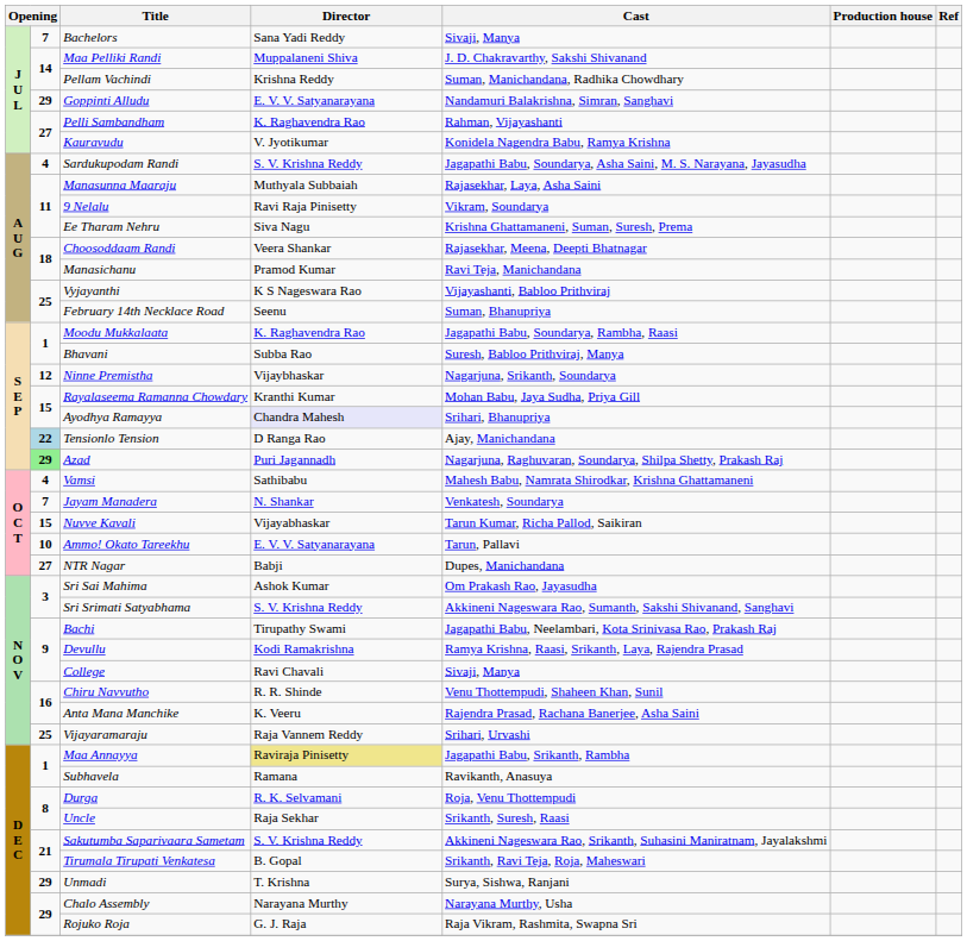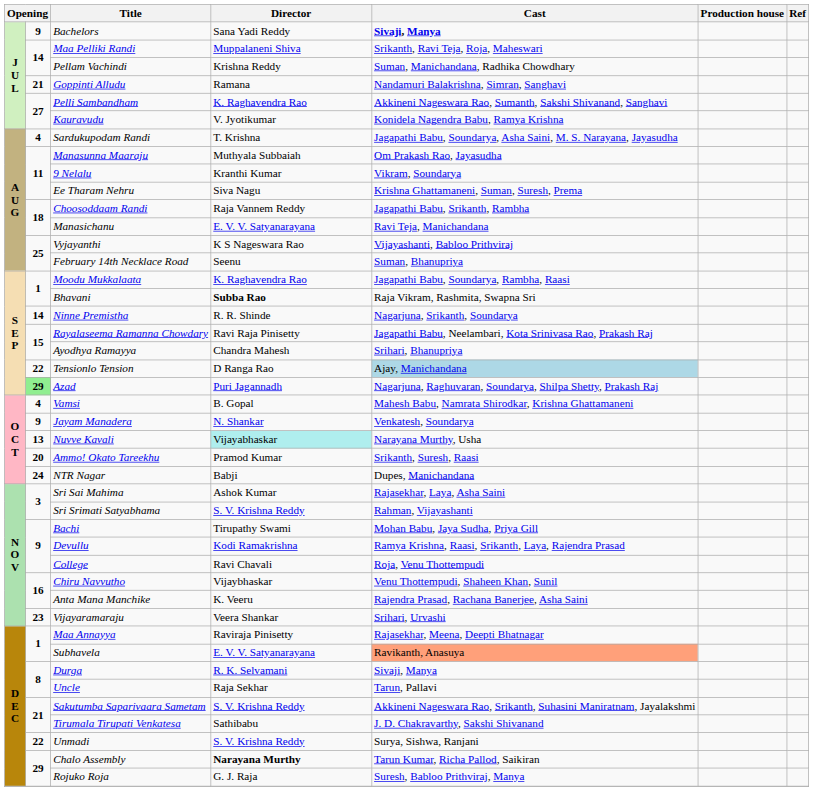 <table class="wikitable sortable">
 <tr style="background:#blue; text-align:center;">
 <th colspan="2">Opening</th>
 <th>Title</th>
 <th style="width:20%;"><strong>Director</strong></th>
 <th>Cast</th>
 <th>Production house</th>
 <th>Ref</th>
 </tr>
 <tr July!>
 <td rowspan="6" style="text-align:center; background:	#d0f0c0; textcolor:#000;"><strong>J<br>U<br>L</strong></td>
-<td rowspan="1" style="text-align:center;"><strong>7</strong></td>
+<td rowspan="1" style="text-align:center;"><strong>9</strong></td>
 <td><em>Bachelors</em></td>
 <td>Sana Yadi Reddy</td>
-<td><a href='#'>Sivaji</a>, <a href='#'>Manya</a></td>
+<td><strong><a href='#'>Sivaji</a>, <a href='#'>Manya</a></strong></td>
 <td></td>
 <td></td>
 </tr>
 <tr>
 <td rowspan="2" style="text-align:center;"><strong>14</strong></td>
 <td><em><a href='#'>Maa Pelliki Randi</a></em></td>
 <td><a href='#'>Muppalaneni Shiva</a></td>
-<td><a href='#'>J. D. Chakravarthy</a>, <a href='#'>Sakshi Shivanand</a></td>
+<td><a href='#'>Srikanth</a>, <a href='#'>Ravi Teja</a>, <a href='#'>Roja</a>, <a href='#'>Maheswari</a></td>
 <td></td>
 <td></td>
 </tr>
 <tr>
 <td><em>Pellam Vachindi</em></td>
 <td>Krishna Reddy</td>
 <td><a href='#'>Suman</a>, <a href='#'>Manichandana</a>, Radhika Chowdhary</td>
 <td></td>
 <td></td>
 </tr>
 <tr>
-<td rowspan="1" style="text-align:center;"><strong>29</strong></td>
+<td rowspan="1" style="text-align:center;"><strong>21</strong></td>
 <td><em><a href='#'>Goppinti Alludu</a></em></td>
-<td><a href='#'>E. V. V. Satyanarayana</a></td>
+<td>Ramana</td>
 <td><a href='#'>Nandamuri Balakrishna</a>, <a href='#'>Simran</a>, <a href='#'>Sanghavi</a></td>
 <td></td>
 <td></td>
 </tr>
 <tr>
 <td rowspan="2" style="text-align:center;"><strong>27</strong></td>
 <td><em><a href='#'>Pelli Sambandham</a></em></td>
 <td><a href='#'>K. Raghavendra Rao</a></td>
-<td><a href='#'>Rahman</a>, <a href='#'>Vijayashanti</a></td>
+<td><a href='#'>Akkineni Nageswara Rao</a>, <a href='#'>Sumanth</a>, <a href='#'>Sakshi Shivanand</a>, <a href='#'>Sanghavi</a></td>
 <td></td>
 <td></td>
 </tr>
 <tr>
 <td><em><a href='#'>Kauravudu</a></em></td>
 <td>V. Jyotikumar</td>
 <td><a href='#'>Konidela Nagendra Babu</a>, <a href='#'>Ramya Krishna</a></td>
 <td></td>
 <td></td>
 </tr>
 <tr August!>
 <td rowspan="8" style="text-align:center; background:#c2b280;"><strong>A<br>U<br>G</strong></td>
 <td style="text-align:center;"><strong>4</strong></td>
 <td><em>Sardukupodam Randi</em></td>
-<td><a href='#'>S. V. Krishna Reddy</a></td>
+<td>T. Krishna</td>
 <td><a href='#'>Jagapathi Babu</a>, <a href='#'>Soundarya</a>, <a href='#'>Asha Saini</a>, <a href='#'>M. S. Narayana</a>, <a href='#'>Jayasudha</a></td>
 <td></td>
 <td></td>
 </tr>
 <tr>
 <td rowspan="3" style="text-align:center;"><strong>11</strong></td>
 <td><em><a href='#'>Manasunna Maaraju</a></em></td>
 <td>Muthyala Subbaiah</td>
-<td><a href='#'>Rajasekhar</a>, <a href='#'>Laya</a>, <a href='#'>Asha Saini</a></td>
+<td><a href='#'>Om Prakash Rao</a>, <a href='#'>Jayasudha</a></td>
 <td></td>
 <td></td>
 </tr>
 <tr>
 <td><em><a href='#'>9 Nelalu</a></em></td>
-<td>Ravi Raja Pinisetty</td>
+<td>Kranthi Kumar</td>
 <td><a href='#'>Vikram</a>, <a href='#'>Soundarya</a></td>
 <td></td>
 <td></td>
 </tr>
 <tr>
 <td><em>Ee Tharam Nehru</em></td>
 <td>Siva Nagu</td>
 <td><a href='#'>Krishna Ghattamaneni</a>,  <a href='#'>Suman</a>, <a href='#'>Suresh</a>, <a href='#'>Prema</a></td>
 <td></td>
 <td></td>
 </tr>
 <tr>
 <td rowspan="2" style="text-align:center;"><strong>18</strong></td>
 <td><em><a href='#'>Choosoddaam Randi</a></em></td>
-<td>Veera Shankar</td>
-<td><a href='#'>Rajasekhar</a>, <a href='#'>Meena</a>, <a href='#'>Deepti Bhatnagar</a></td>
+<td>Raja Vannem Reddy</td>
+<td><a href='#'>Jagapathi Babu</a>, <a href='#'>Srikanth</a>, <a href='#'>Rambha</a></td>
 <td></td>
 <td></td>
 </tr>
 <tr>
 <td><em>Manasichanu</em></td>
-<td>Pramod Kumar</td>
+<td><a href='#'>E. V. V. Satyanarayana</a></td>
 <td><a href='#'>Ravi Teja</a>, <a href='#'>Manichandana</a></td>
 <td></td>
 <td></td>
 </tr>
 <tr>
 <td rowspan="2" style="text-align:center;"><strong>25</strong></td>
 <td><em>Vyjayanthi</em></td>
 <td>K S Nageswara Rao</td>
 <td><a href='#'>Vijayashanti</a>, <a href='#'>Babloo Prithviraj</a></td>
 <td></td>
 <td></td>
 </tr>
 <tr>
 <td><em>February 14th Necklace Road</em></td>
 <td>Seenu</td>
 <td><a href='#'>Suman</a>, <a href='#'>Bhanupriya</a></td>
 <td></td>
 <td></td>
 </tr>
 <tr September!>
 <td rowspan="7" style="text-align:center; background:wheat; textcolor:#000;"><strong>S<br>E<br>P</strong></td>
 <td rowspan="2" style="text-align:center;"><strong>1</strong></td>
 <td><em><a href='#'>Moodu Mukkalaata</a></em></td>
 <td><a href='#'>K. Raghavendra Rao</a></td>
 <td><a href='#'>Jagapathi Babu</a>, <a href='#'>Soundarya</a>, <a href='#'>Rambha</a>, <a href='#'>Raasi</a></td>
 <td></td>
 <td></td>
 </tr>
 <tr>
 <td><em>Bhavani</em></td>
-<td>Subba Rao</td>
-<td><a href='#'>Suresh</a>, <a href='#'>Babloo Prithviraj</a>, <a href='#'>Manya</a></td>
+<td><strong>Subba Rao</strong></td>
+<td>Raja Vikram, Rashmita, Swapna Sri</td>
 <td></td>
 <td></td>
 </tr>
 <tr>
-<td rowspan="1" style="text-align:center;"><strong>12</strong></td>
+<td rowspan="1" style="text-align:center;"><strong>14</strong></td>
 <td><em><a href='#'>Ninne Premistha</a></em></td>
-<td>Vijaybhaskar</td>
+<td>R. R. Shinde</td>
 <td><a href='#'>Nagarjuna</a>, <a href='#'>Srikanth</a>, <a href='#'>Soundarya</a></td>
 <td></td>
 <td></td>
 </tr>
 <tr>
 <td rowspan="2" style="text-align:center;"><strong>15</strong></td>
 <td><em><a href='#'>Rayalaseema Ramanna Chowdary</a></em></td>
-<td>Kranthi Kumar</td>
-<td><a href='#'>Mohan Babu</a>, <a href='#'>Jaya Sudha</a>, <a href='#'>Priya Gill</a></td>
+<td>Ravi Raja Pinisetty</td>
+<td><a href='#'>Jagapathi Babu</a>, Neelambari, <a href='#'>Kota Srinivasa Rao</a>, <a href='#'>Prakash Raj</a></td>
 <td></td>
 <td></td>
 </tr>
 <tr>
 <td><em>Ayodhya Ramayya</em></td>
-<td style="background: lavender;">Chandra Mahesh</td>
+<td>Chandra Mahesh</td>
 <td><a href='#'>Srihari</a>, <a href='#'>Bhanupriya</a></td>
 <td></td>
 <td></td>
 </tr>
 <tr>
-<td rowspan="1" style="background: lightblue; text-align:center;"><strong>22</strong></td>
+<td rowspan="1" style="text-align:center;"><strong>22</strong></td>
 <td><em>Tensionlo Tension</em></td>
 <td>D Ranga Rao</td>
-<td>Ajay, <a href='#'>Manichandana</a></td>
+<td style="background: lightblue;">Ajay, <a href='#'>Manichandana</a></td>
 <td></td>
 <td></td>
 </tr>
 <tr>
 <td rowspan="1" style="background: lightgreen; text-align:center;"><strong>29</strong></td>
 <td><em><a href='#'>Azad</a></em></td>
 <td><a href='#'>Puri Jagannadh</a></td>
 <td><a href='#'>Nagarjuna</a>, <a href='#'>Raghuvaran</a>, <a href='#'>Soundarya</a>, <a href='#'>Shilpa Shetty</a>, <a href='#'>Prakash Raj</a></td>
 <td></td>
 <td></td>
 </tr>
 <tr October!>
 <td rowspan="5" style="text-align:center; background:#ffb7c5;"><strong>O<br>C<br>T</strong></td>
 <td rowspan="1" style="text-align:center;"><strong>4</strong></td>
 <td><em><a href='#'>Vamsi</a></em></td>
-<td>Sathibabu</td>
+<td>B. Gopal</td>
 <td><a href='#'>Mahesh Babu</a>, <a href='#'>Namrata Shirodkar</a>, <a href='#'>Krishna Ghattamaneni</a></td>
 <td></td>
 <td></td>
 </tr>
 <tr>
-<td style="text-align:center;"><strong>7</strong></td>
+<td style="text-align:center;"><strong>9</strong></td>
 <td><em><a href='#'>Jayam Manadera</a></em></td>
 <td><a href='#'>N. Shankar</a></td>
 <td><a href='#'>Venkatesh</a>, <a href='#'>Soundarya</a></td>
 <td></td>
 <td></td>
 </tr>
 <tr>
-<td rowspan="1" style="text-align:center;"><strong>15</strong></td>
+<td rowspan="1" style="text-align:center;"><strong>13</strong></td>
 <td><em><a href='#'>Nuvve Kavali</a></em></td>
-<td>Vijayabhaskar</td>
-<td><a href='#'>Tarun Kumar</a>, <a href='#'>Richa Pallod</a>, Saikiran</td>
+<td style="background: paleturquoise;">Vijayabhaskar</td>
+<td><a href='#'>Narayana Murthy</a>, Usha</td>
 <td></td>
 <td></td>
 </tr>
 <tr>
-<td style="text-align:center;"><strong>10</strong></td>
+<td style="text-align:center;"><strong>20</strong></td>
 <td><em><a href='#'>Ammo! Okato Tareekhu</a></em></td>
-<td><a href='#'>E. V. V. Satyanarayana</a></td>
-<td><a href='#'>Tarun</a>, Pallavi</td>
+<td>Pramod Kumar</td>
+<td><a href='#'>Srikanth</a>, <a href='#'>Suresh</a>, <a href='#'>Raasi</a></td>
 <td></td>
 <td></td>
 </tr>
 <tr>
-<td style="text-align:center;"><strong>27</strong></td>
+<td style="text-align:center;"><strong>24</strong></td>
 <td><em>NTR Nagar</em></td>
 <td>Babji</td>
 <td>Dupes, <a href='#'>Manichandana</a></td>
 <td></td>
 <td></td>
 </tr>
 <tr November!>
 <td rowspan="8" style="text-align:center; background:#ace1af;"><strong>N<br>O<br>V</strong></td>
 <td rowspan="2" style="text-align:center;"><strong>3</strong></td>
 <td><em>Sri Sai Mahima</em></td>
 <td>Ashok Kumar</td>
-<td><a href='#'>Om Prakash Rao</a>, <a href='#'>Jayasudha</a></td>
+<td><a href='#'>Rajasekhar</a>, <a href='#'>Laya</a>, <a href='#'>Asha Saini</a></td>
 <td></td>
 <td></td>
 </tr>
 <tr>
 <td><em>Sri Srimati Satyabhama</em></td>
 <td><a href='#'>S. V. Krishna Reddy</a></td>
-<td><a href='#'>Akkineni Nageswara Rao</a>, <a href='#'>Sumanth</a>, <a href='#'>Sakshi Shivanand</a>, <a href='#'>Sanghavi</a></td>
+<td><a href='#'>Rahman</a>, <a href='#'>Vijayashanti</a></td>
 <td></td>
 <td></td>
 </tr>
 <tr>
 <td rowspan="3" style="text-align:center;"><strong>9</strong></td>
 <td><em><a href='#'>Bachi</a></em></td>
 <td>Tirupathy Swami</td>
-<td><a href='#'>Jagapathi Babu</a>, Neelambari, <a href='#'>Kota Srinivasa Rao</a>, <a href='#'>Prakash Raj</a></td>
+<td><a href='#'>Mohan Babu</a>, <a href='#'>Jaya Sudha</a>, <a href='#'>Priya Gill</a></td>
 <td></td>
 <td></td>
 </tr>
 <tr>
 <td><em><a href='#'>Devullu</a></em></td>
 <td><a href='#'>Kodi Ramakrishna</a></td>
 <td><a href='#'>Ramya Krishna</a>, <a href='#'>Raasi</a>, <a href='#'>Srikanth</a>, <a href='#'>Laya</a>, <a href='#'>Rajendra Prasad</a></td>
 <td></td>
 <td></td>
 </tr>
 <tr>
 <td><em><a href='#'>College</a></em></td>
 <td>Ravi Chavali</td>
-<td><a href='#'>Sivaji</a>, <a href='#'>Manya</a></td>
+<td><a href='#'>Roja</a>, <a href='#'>Venu Thottempudi</a></td>
 <td></td>
 <td></td>
 </tr>
 <tr>
 <td rowspan="2" style="text-align:center;"><strong>16</strong></td>
 <td><em><a href='#'>Chiru Navvutho</a></em></td>
-<td>R. R. Shinde</td>
+<td>Vijaybhaskar</td>
 <td><a href='#'>Venu Thottempudi</a>, <a href='#'>Shaheen Khan</a>, <a href='#'>Sunil</a></td>
 <td></td>
 <td></td>
 </tr>
 <tr>
 <td><em>Anta Mana Manchike</em></td>
 <td>K. Veeru</td>
 <td><a href='#'>Rajendra Prasad</a>, <a href='#'>Rachana Banerjee</a>, <a href='#'>Asha Saini</a></td>
 <td></td>
 <td></td>
 </tr>
 <tr>
-<td style="text-align:center;"><strong>25</strong></td>
+<td style="text-align:center;"><strong>23</strong></td>
 <td><em>Vijayaramaraju</em></td>
-<td>Raja Vannem Reddy</td>
+<td>Veera Shankar</td>
 <td><a href='#'>Srihari</a>, <a href='#'>Urvashi</a></td>
 <td></td>
 <td></td>
 </tr>
 <tr December!>
 <td rowspan="9" style="text-align:center; background:#b8860b;"><strong>D<br>E<br>C</strong></td>
 <td rowspan="2" style="text-align:center;"><strong>1</strong></td>
 <td><em><a href='#'>Maa Annayya</a></em></td>
-<td style="background: khaki;">Raviraja Pinisetty</td>
-<td><a href='#'>Jagapathi Babu</a>, <a href='#'>Srikanth</a>, <a href='#'>Rambha</a></td>
+<td>Raviraja Pinisetty</td>
+<td><a href='#'>Rajasekhar</a>, <a href='#'>Meena</a>, <a href='#'>Deepti Bhatnagar</a></td>
 <td></td>
 <td></td>
 </tr>
 <tr>
 <td><em>Subhavela</em></td>
-<td>Ramana</td>
-<td>Ravikanth, Anasuya</td>
+<td><a href='#'>E. V. V. Satyanarayana</a></td>
+<td style="background: lightsalmon;">Ravikanth, Anasuya</td>
 <td></td>
 <td></td>
 </tr>
 <tr>
 <td rowspan="2" style="text-align:center;"><strong>8</strong></td>
 <td><em><a href='#'>Durga</a></em></td>
 <td><a href='#'>R. K. Selvamani</a></td>
-<td><a href='#'>Roja</a>, <a href='#'>Venu Thottempudi</a></td>
+<td><a href='#'>Sivaji</a>, <a href='#'>Manya</a></td>
 <td></td>
 <td></td>
 </tr>
 <tr>
 <td><em><a href='#'>Uncle</a></em></td>
 <td>Raja Sekhar</td>
-<td><a href='#'>Srikanth</a>, <a href='#'>Suresh</a>, <a href='#'>Raasi</a></td>
+<td><a href='#'>Tarun</a>, Pallavi</td>
 <td></td>
 <td></td>
 </tr>
 <tr>
 <td rowspan="2" style="text-align:center;"><strong>21</strong></td>
 <td><em><a href='#'>Sakutumba Saparivaara Sametam</a></em></td>
 <td><a href='#'>S. V. Krishna Reddy</a></td>
 <td><a href='#'>Akkineni Nageswara Rao</a>, <a href='#'>Srikanth</a>, <a href='#'>Suhasini Maniratnam</a>, Jayalakshmi</td>
 <td></td>
 <td></td>
 </tr>
 <tr>
 <td><em><a href='#'>Tirumala Tirupati Venkatesa</a></em></td>
-<td>B. Gopal</td>
-<td><a href='#'>Srikanth</a>, <a href='#'>Ravi Teja</a>, <a href='#'>Roja</a>, <a href='#'>Maheswari</a></td>
+<td>Sathibabu</td>
+<td><a href='#'>J. D. Chakravarthy</a>, <a href='#'>Sakshi Shivanand</a></td>
 <td></td>
 <td></td>
 </tr>
 <tr>
-<td style="text-align:center;"><strong>29</strong></td>
+<td style="text-align:center;"><strong>22</strong></td>
 <td><em>Unmadi</em></td>
-<td>T. Krishna</td>
+<td><a href='#'>S. V. Krishna Reddy</a></td>
 <td>Surya, Sishwa, Ranjani</td>
 <td></td>
 <td></td>
 </tr>
 <tr>
 <td rowspan="2" style="text-align:center;"><strong>29</strong></td>
 <td><em>Chalo Assembly</em></td>
-<td>Narayana Murthy</td>
-<td><a href='#'>Narayana Murthy</a>, Usha</td>
+<td><strong>Narayana Murthy</strong></td>
+<td><a href='#'>Tarun Kumar</a>, <a href='#'>Richa Pallod</a>, Saikiran</td>
 <td></td>
 <td></td>
 </tr>
 <tr>
 <td><em>Rojuko Roja</em></td>
 <td>G. J. Raja</td>
-<td>Raja Vikram, Rashmita, Swapna Sri</td>
+<td><a href='#'>Suresh</a>, <a href='#'>Babloo Prithviraj</a>, <a href='#'>Manya</a></td>
 <td></td>
 <td></td>
 </tr>
 <tr>
 </tr>
 </table>
